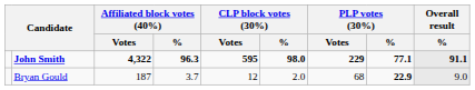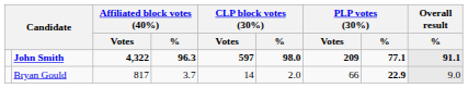 <table class="wikitable" style="font-size:95%;">
 <tr>
 <th colspan="2" scope="col" rowspan="2" width="125">Candidate</th>
 <th scope="col" colspan="2" width="150"><a href='#'>Affiliated block votes</a> <br> (40%)</th>
 <th scope="col" colspan="2" width="150"><a href='#'>CLP block votes</a> <br> (30%)</th>
 <th scope="col" colspan="2" width="150"><a href='#'>PLP votes</a> <br> (30%)</th>
 <th scope="col" colspan="2" width="75">Overall result</th>
 </tr>
 <tr>
 <th>Votes</th>
 <th>%</th>
 <th>Votes</th>
 <th>%</th>
 <th>Votes</th>
 <th>%</th>
 <th>%</th>
 </tr>
 <tr align="right">
 <td style="background-color: "></td>
 <td scope="row" align="left"><strong><a href='#'>John Smith</a></strong> </td>
 <td><strong>4,322</strong></td>
 <td><strong>96.3</strong></td>
-<td><strong>595</strong></td>
+<td><strong>597</strong></td>
 <td><strong>98.0</strong></td>
-<td><strong>229</strong></td>
+<td><strong>209</strong></td>
 <td><strong>77.1</strong></td>
 <td style="background:#e9e9e9;"><strong>91.1</strong></td>
 </tr>
 <tr align="right">
 <td style="background-color: "></td>
 <td scope="row" align="left"><a href='#'>Bryan Gould</a></td>
-<td>187</td>
+<td>817</td>
 <td>3.7</td>
-<td>12</td>
+<td>14</td>
 <td>2.0</td>
-<td>68</td>
+<td>66</td>
 <td><strong>22.9</strong></td>
 <td style="background:#e9e9e9;">9.0</td>
 </tr>
 </table>
